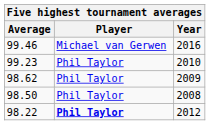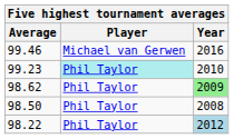 <table class="wikitable sortable">
 <tr>
 <th colspan=5>Five highest tournament averages</th>
 </tr>
 <tr>
 <th>Average</th>
 <th>Player</th>
 <th>Year</th>
 </tr>
 <tr>
 <td>99.46</td>
 <td> <a href='#'>Michael van Gerwen</a></td>
 <td>2016</td>
 </tr>
 <tr>
 <td>99.23</td>
-<td> <a href='#'>Phil Taylor</a></td>
+<td style="background: paleturquoise;"> <a href='#'>Phil Taylor</a></td>
 <td>2010</td>
 </tr>
 <tr>
 <td>98.62</td>
 <td> <a href='#'>Phil Taylor</a></td>
-<td>2009</td>
+<td style="background: lightgreen;">2009</td>
 </tr>
 <tr>
 <td>98.50</td>
 <td> <a href='#'>Phil Taylor</a></td>
 <td>2008</td>
 </tr>
 <tr>
 <td>98.22</td>
-<td><strong> <a href='#'>Phil Taylor</a></strong></td>
-<td>2012</td>
+<td> <a href='#'>Phil Taylor</a></td>
+<td style="background: lightblue;">2012</td>
 </tr>
 </table>
